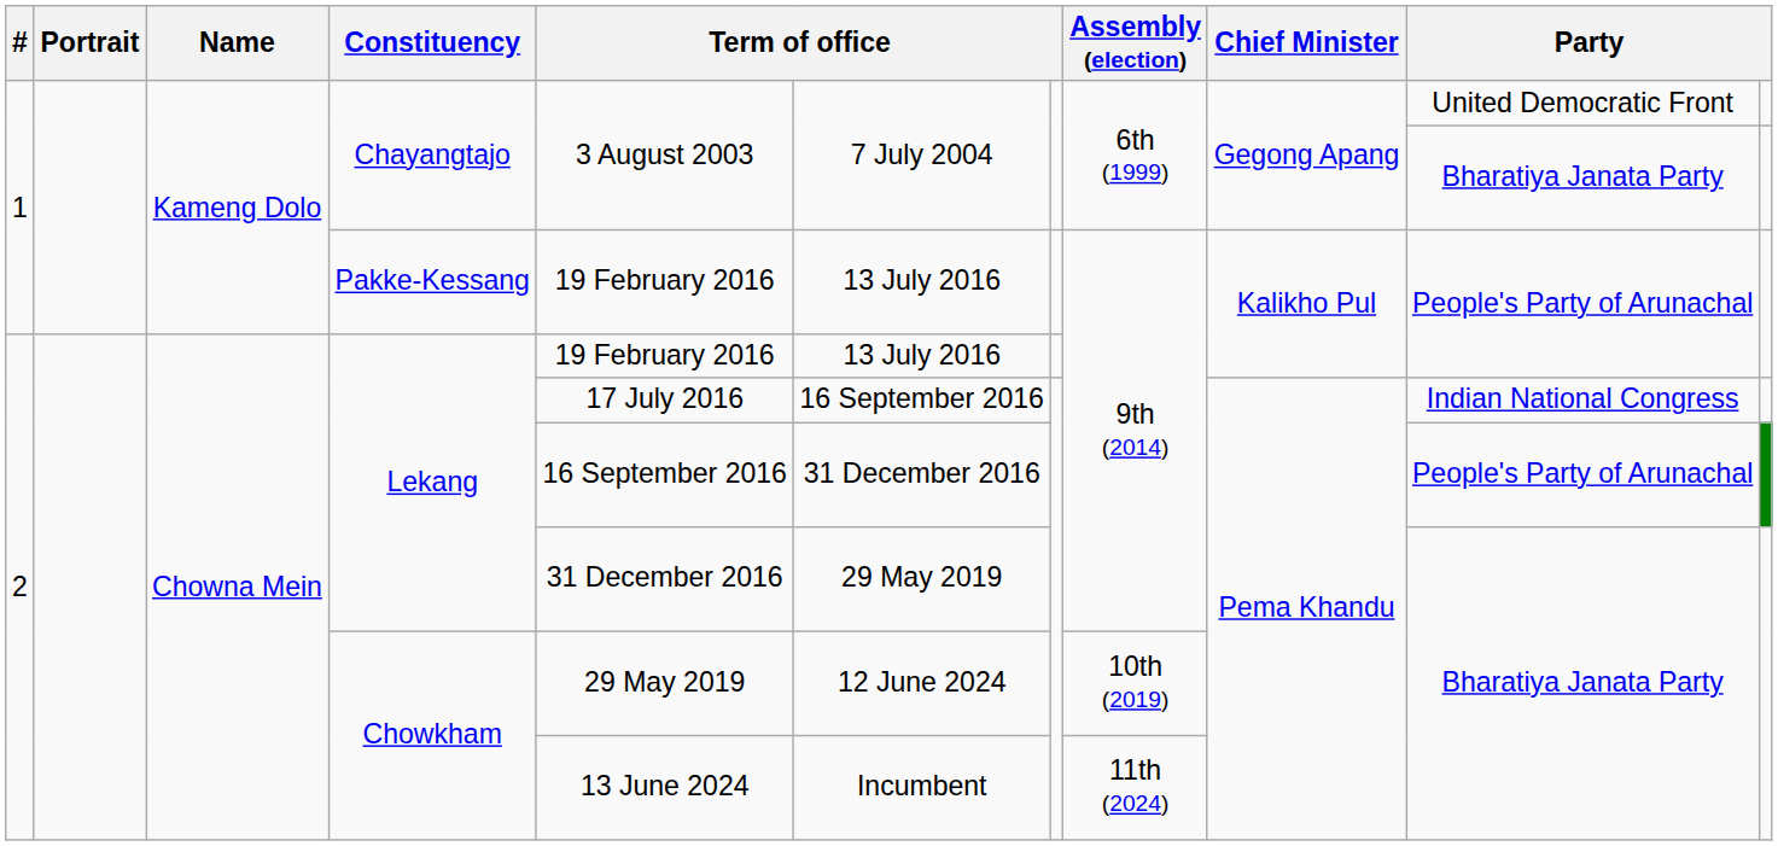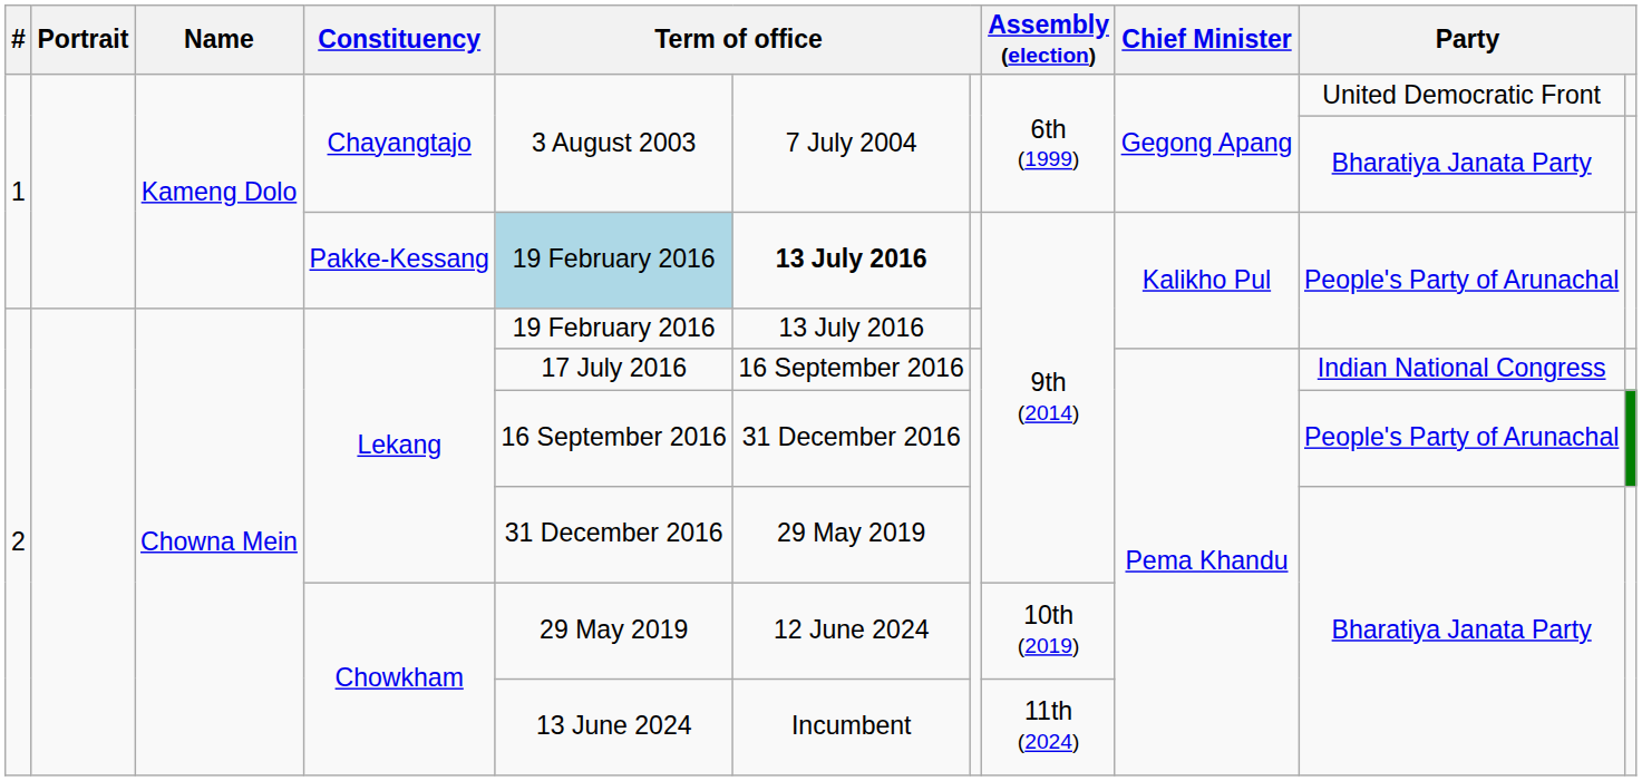 <table class="wikitable sortable" style="text-align:center">
 <tr>
 <th>#</th>
 <th>Portrait</th>
 <th>Name</th>
 <th><a href='#'>Constituency</a></th>
 <th colspan="3">Term of office</th>
 <th><a href='#'>Assembly</a><br><small>(<a href='#'>election</a>)</small></th>
 <th><a href='#'>Chief Minister</a></th>
 <th colspan="2">Party</th>
 </tr>
 <tr align="center">
 <td rowspan="3">1</td>
 <td rowspan="3"></td>
 <td rowspan="3"><a href='#'>Kameng Dolo</a></td>
 <td rowspan="2"><a href='#'>Chayangtajo</a></td>
 <td rowspan="2">3 August 2003</td>
 <td rowspan="2">7 July 2004</td>
 <td rowspan="2"></td>
 <td rowspan="2">6th<br><small>(<a href='#'>1999</a>)</small></td>
 <td rowspan="2"><a href='#'>Gegong Apang</a></td>
 <td>United Democratic Front</td>
 <td></td>
 </tr>
 <tr style="height: 60px;">
 <td><a href='#'>Bharatiya Janata Party</a></td>
 <td></td>
 </tr>
 <tr style="height: 60px;">
 <td><a href='#'>Pakke-Kessang</a></td>
-<td>19 February 2016</td>
-<td>13 July 2016</td>
+<td style="background: lightblue;">19 February 2016</td>
+<td><strong>13 July 2016</strong></td>
 <td></td>
 <td rowspan="5">9th<br><small>(<a href='#'>2014</a>)</small></td>
 <td rowspan=2><a href='#'>Kalikho Pul</a></td>
 <td rowspan=2><a href='#'>People's Party of Arunachal</a></td>
 <td rowspan=2></td>
 </tr>
 <tr>
 <td rowspan="6">2</td>
 <td rowspan="6"></td>
 <td rowspan="6"><a href='#'>Chowna Mein</a></td>
 <td rowspan="4"><a href='#'>Lekang</a></td>
 <td>19 February 2016</td>
 <td>13 July 2016</td>
 <td></td>
 </tr>
 <tr>
 <td>17 July 2016</td>
 <td>16 September 2016</td>
 <td rowspan="5"></td>
 <td rowspan="5"><a href='#'>Pema Khandu</a></td>
 <td><a href='#'>Indian National Congress</a></td>
 <td style="background-color: "></td>
 </tr>
 <tr style="height: 60px;">
 <td>16 September 2016</td>
 <td>31 December 2016</td>
 <td><a href='#'>People's Party of Arunachal</a></td>
 <td style="background-color: green"></td>
 </tr>
 <tr style="height: 60px;">
 <td>31 December 2016</td>
 <td>29 May 2019</td>
 <td rowspan="3"><a href='#'>Bharatiya Janata Party</a></td>
 <td rowspan="3" style="background-color: "></td>
 </tr>
 <tr style="height: 60px;">
 <td rowspan="2"><a href='#'>Chowkham</a></td>
 <td>29 May 2019</td>
 <td>12 June 2024</td>
 <td>10th<br><small>(<a href='#'>2019</a>)</small></td>
 </tr>
 <tr style="height: 60px;">
 <td>13 June 2024</td>
 <td>Incumbent</td>
 <td>11th<br><small>(<a href='#'>2024</a>)</small></td>
 </tr>
 </table>
